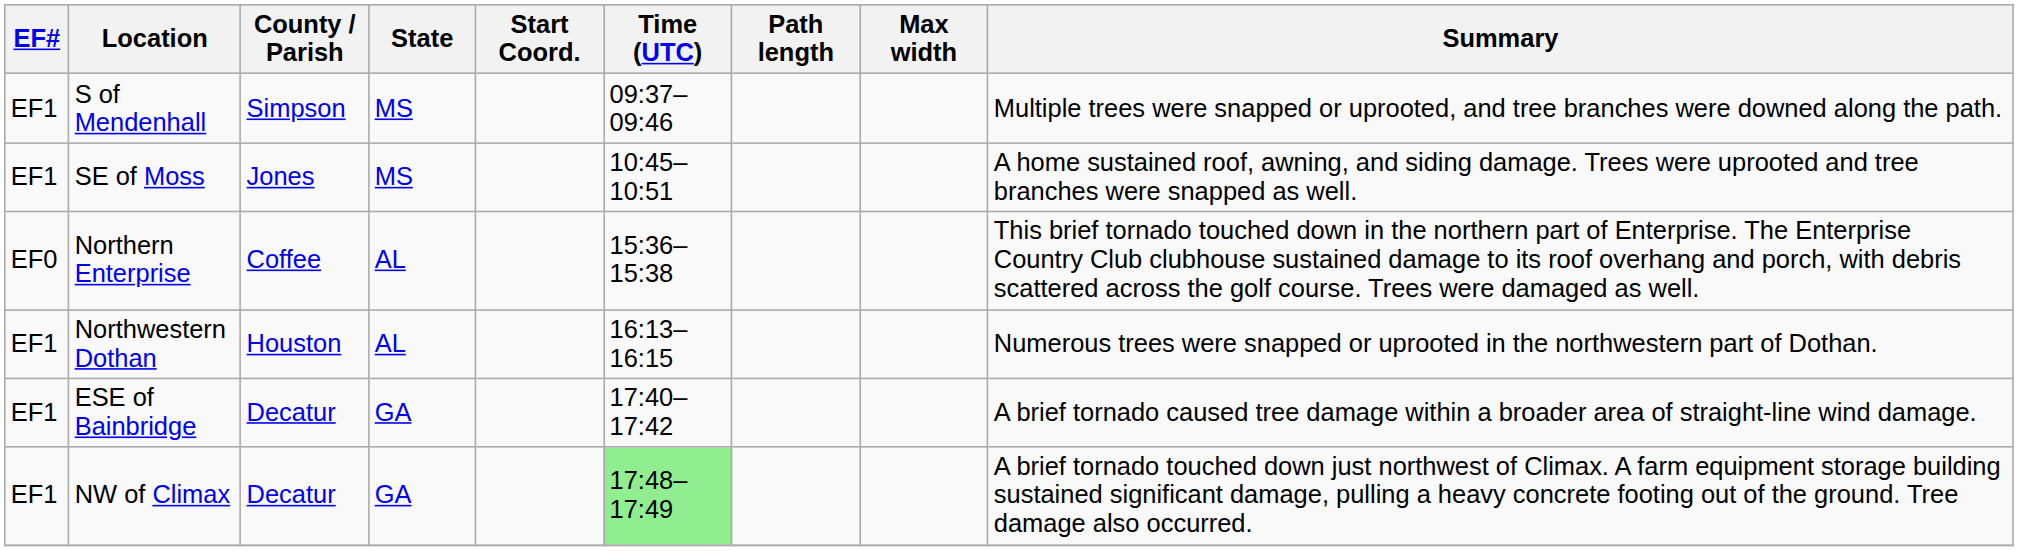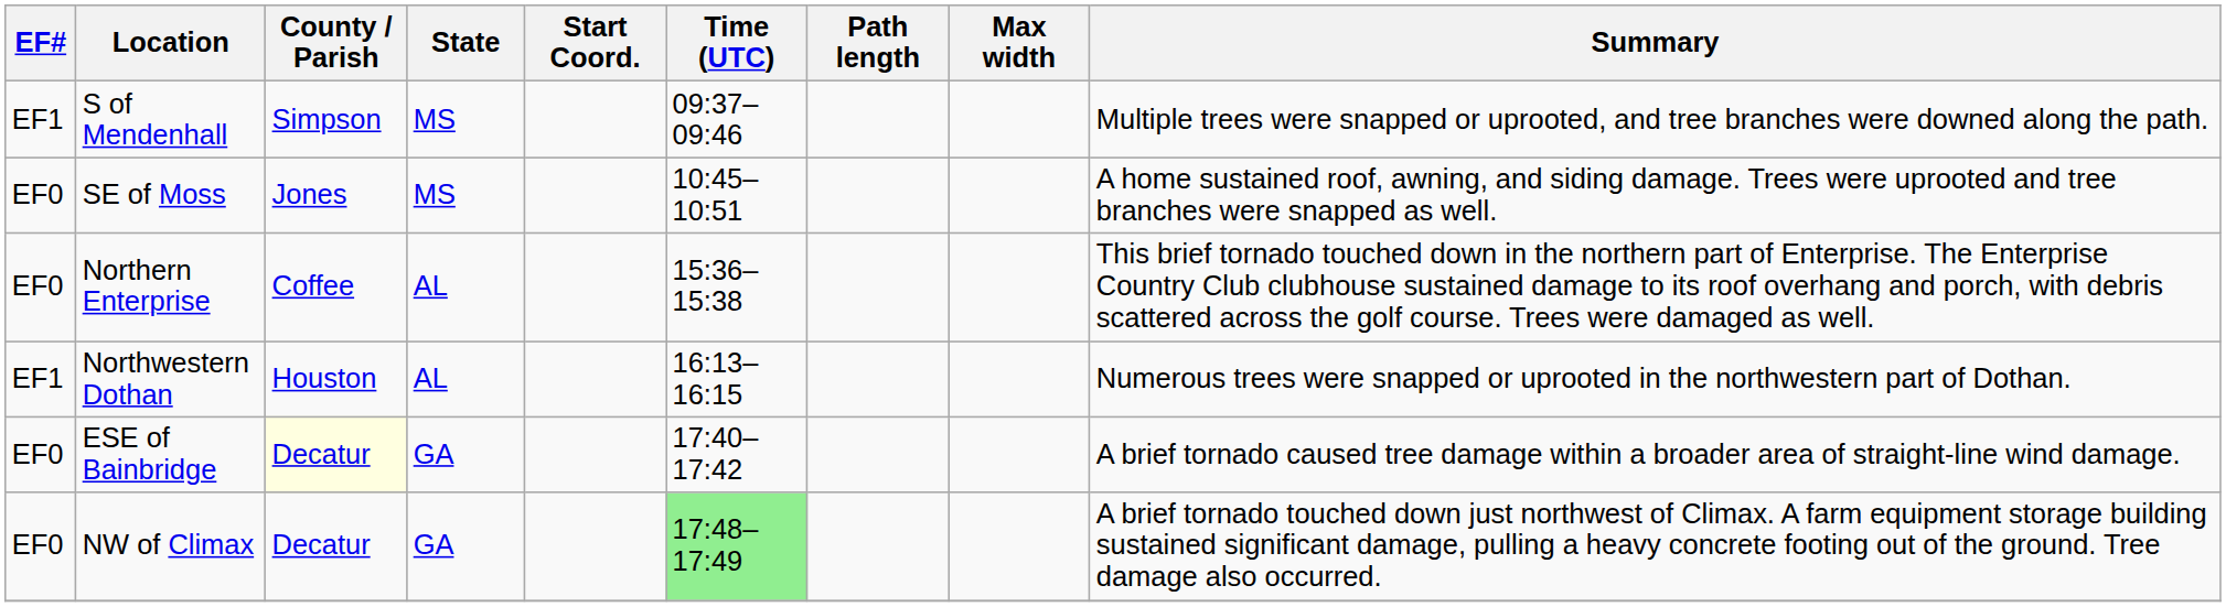 <table class="wikitable sortable" style="width:100%;">
 <tr>
 <th scope="col"  style="width:3%; text-align:center;"><a href='#'>EF#</a></th>
 <th scope="col"  style="width:7%; text-align:center;" class="unsortable">Location</th>
 <th scope="col"  style="width:6%; text-align:center;" class="unsortable">County / Parish</th>
 <th scope="col"  style="width:5%; text-align:center;">State</th>
 <th scope="col"  style="width:6%; text-align:center;">Start Coord.</th>
 <th scope="col"  style="width:6%; text-align:center;">Time (<a href='#'>UTC</a>)</th>
 <th scope="col"  style="width:6%; text-align:center;">Path length</th>
 <th scope="col"  style="width:6%; text-align:center;">Max width</th>
 <th scope="col" class="unsortable" style="width:48%; text-align:center;">Summary</th>
 </tr>
 <tr>
 <td>EF1</td>
 <td>S of <a href='#'>Mendenhall</a></td>
 <td><a href='#'>Simpson</a></td>
 <td><a href='#'>MS</a></td>
 <td></td>
 <td>09:37–09:46</td>
 <td></td>
 <td></td>
 <td>Multiple trees were snapped or uprooted, and tree branches were downed along the path.</td>
 </tr>
 <tr>
-<td>EF1</td>
+<td>EF0</td>
 <td>SE of <a href='#'>Moss</a></td>
 <td><a href='#'>Jones</a></td>
 <td><a href='#'>MS</a></td>
 <td></td>
 <td>10:45–10:51</td>
 <td></td>
 <td></td>
 <td>A home sustained roof, awning, and siding damage. Trees were uprooted and tree branches were snapped as well.</td>
 </tr>
 <tr>
 <td>EF0</td>
 <td>Northern <a href='#'>Enterprise</a></td>
 <td><a href='#'>Coffee</a></td>
 <td><a href='#'>AL</a></td>
 <td></td>
 <td>15:36–15:38</td>
 <td></td>
 <td></td>
 <td>This brief tornado touched down in the northern part of Enterprise. The Enterprise Country Club clubhouse sustained damage to its roof overhang and porch, with debris scattered across the golf course. Trees were damaged as well.</td>
 </tr>
 <tr>
 <td>EF1</td>
 <td>Northwestern <a href='#'>Dothan</a></td>
 <td><a href='#'>Houston</a></td>
 <td><a href='#'>AL</a></td>
 <td></td>
 <td>16:13–16:15</td>
 <td></td>
 <td></td>
 <td>Numerous trees were snapped or uprooted in the northwestern part of Dothan.</td>
 </tr>
 <tr>
-<td>EF1</td>
+<td>EF0</td>
 <td>ESE of <a href='#'>Bainbridge</a></td>
-<td><a href='#'>Decatur</a></td>
+<td style="background: lightyellow;"><a href='#'>Decatur</a></td>
 <td><a href='#'>GA</a></td>
 <td></td>
 <td>17:40–17:42</td>
 <td></td>
 <td></td>
 <td>A brief tornado caused tree damage within a broader area of straight-line wind damage.</td>
 </tr>
 <tr>
-<td>EF1</td>
+<td>EF0</td>
 <td>NW of <a href='#'>Climax</a></td>
 <td><a href='#'>Decatur</a></td>
 <td><a href='#'>GA</a></td>
 <td></td>
 <td style="background: lightgreen;">17:48–17:49</td>
 <td></td>
 <td></td>
 <td>A brief tornado touched down just northwest of Climax. A farm equipment storage building sustained significant damage, pulling a heavy concrete footing out of the ground. Tree damage also occurred.</td>
 </tr>
 <tr>
 </tr>
 </table>
